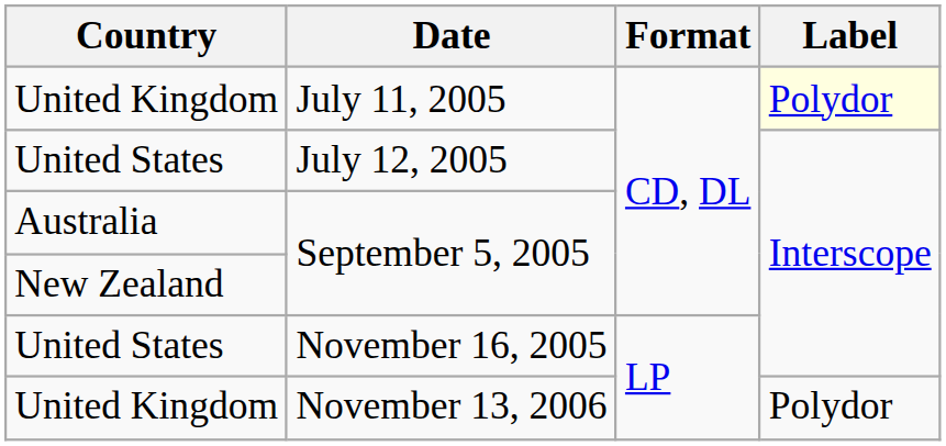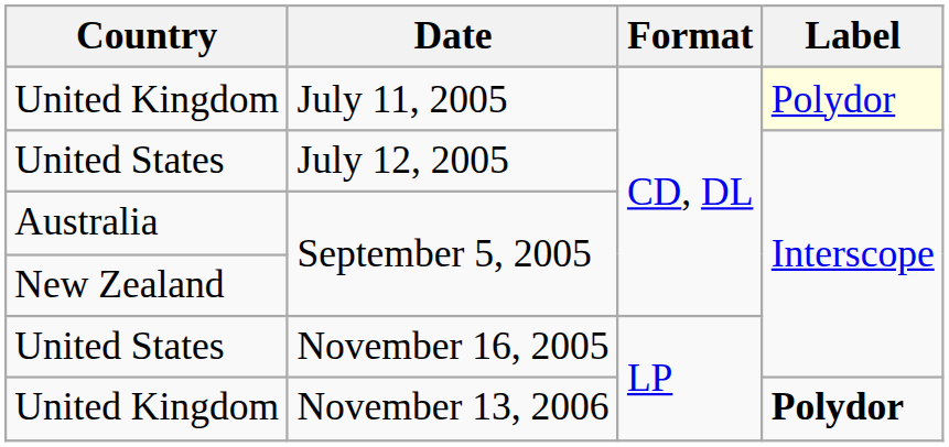 <table class="wikitable">
 <tr>
 <th>Country</th>
 <th>Date</th>
 <th>Format</th>
 <th>Label</th>
 </tr>
 <tr>
 <td>United Kingdom</td>
 <td>July 11, 2005</td>
 <td rowspan="4"><a href='#'>CD</a>, <a href='#'>DL</a></td>
 <td style="background: lightyellow;"><a href='#'>Polydor</a></td>
 </tr>
 <tr>
 <td>United States</td>
 <td>July 12, 2005</td>
 <td rowspan="4"><a href='#'>Interscope</a></td>
 </tr>
 <tr>
 <td>Australia</td>
 <td rowspan="2">September 5, 2005</td>
 </tr>
 <tr>
 <td>New Zealand</td>
 </tr>
 <tr>
 <td>United States</td>
 <td>November 16, 2005</td>
 <td rowspan="2"><a href='#'>LP</a></td>
 </tr>
 <tr>
 <td>United Kingdom</td>
 <td>November 13, 2006</td>
-<td>Polydor</td>
+<td><strong>Polydor</strong></td>
 </tr>
 </table>
